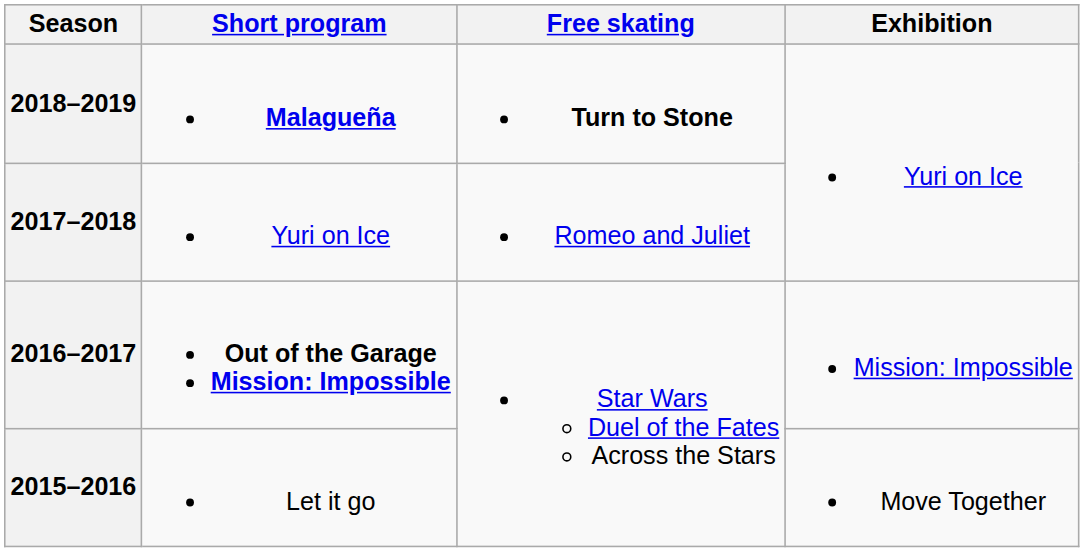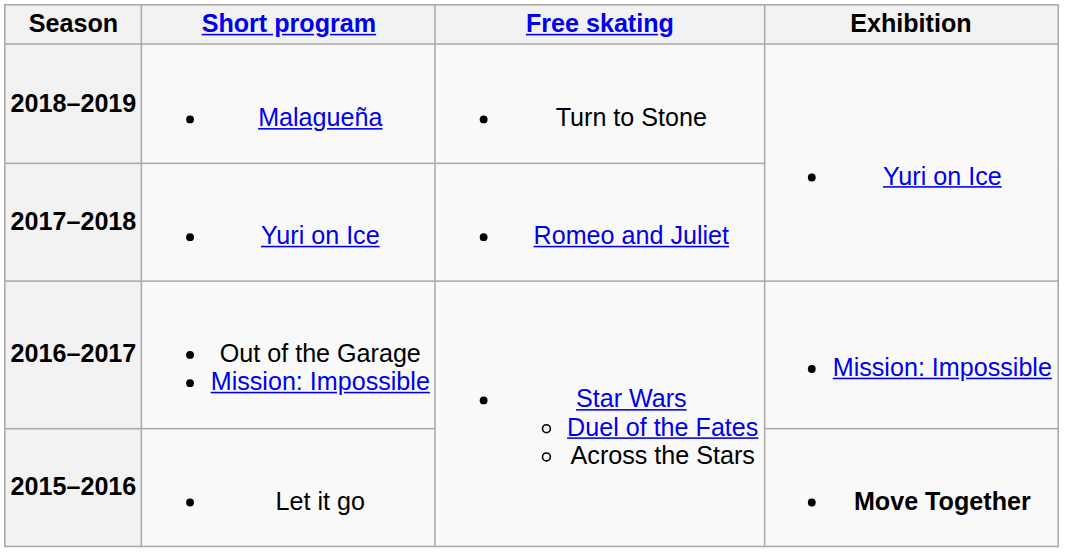 <table class=wikitable style=text-align:center>
 <tr>
 <th>Season</th>
 <th><a href='#'>Short program</a></th>
 <th><a href='#'>Free skating</a></th>
 <th>Exhibition</th>
 </tr>
 <tr>
 <th>2018–2019 <br> </th>
-<td><strong><br><ul><li><a href='#'>Malagueña</a> <br></li></ul></strong></td>
-<td><strong><br><ul><li>Turn to Stone <br></li></ul></strong></td>
+<td><br><ul><li><a href='#'>Malagueña</a> <br></li></ul></td>
+<td><br><ul><li>Turn to Stone <br></li></ul></td>
 <td rowspan=2><br><ul><li><a href='#'>Yuri on Ice</a> <br></li></ul></td>
 </tr>
 <tr>
 <th>2017–2018 <br> </th>
 <td><br><ul><li><a href='#'>Yuri on Ice</a> <br></li></ul></td>
 <td><br><ul><li><a href='#'>Romeo and Juliet</a> <br></li></ul></td>
 </tr>
 <tr>
 <th>2016–2017 <br> </th>
-<td><strong><br><ul><li>Out of the Garage <br></li><li><a href='#'>Mission: Impossible</a></li></ul></strong></td>
+<td><br><ul><li>Out of the Garage <br></li><li><a href='#'>Mission: Impossible</a></li></ul></td>
 <td rowspan=2><br><ul><li><a href='#'>Star Wars</a> <br><ul><li><a href='#'>Duel of the Fates</a></li><li>Across the Stars</li></ul></li></ul></td>
 <td><br><ul><li><a href='#'>Mission: Impossible</a></li></ul></td>
 </tr>
 <tr>
 <th>2015–2016<br></th>
 <td><br><ul><li>Let it go<br></li></ul></td>
-<td><br><ul><li>Move Together</li></ul></td>
+<td><strong><br><ul><li>Move Together</li></ul></strong></td>
 </tr>
 </table>
